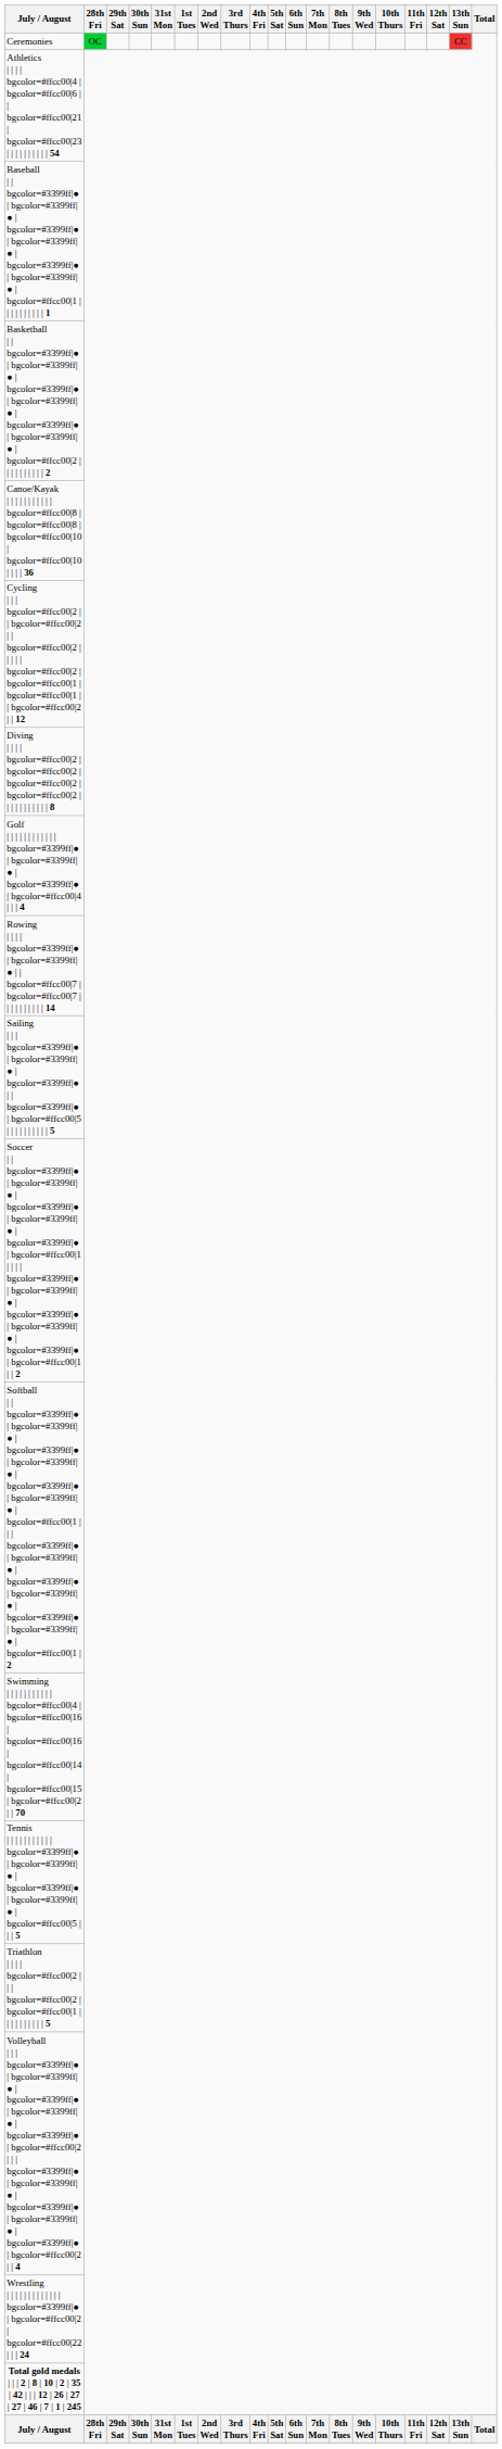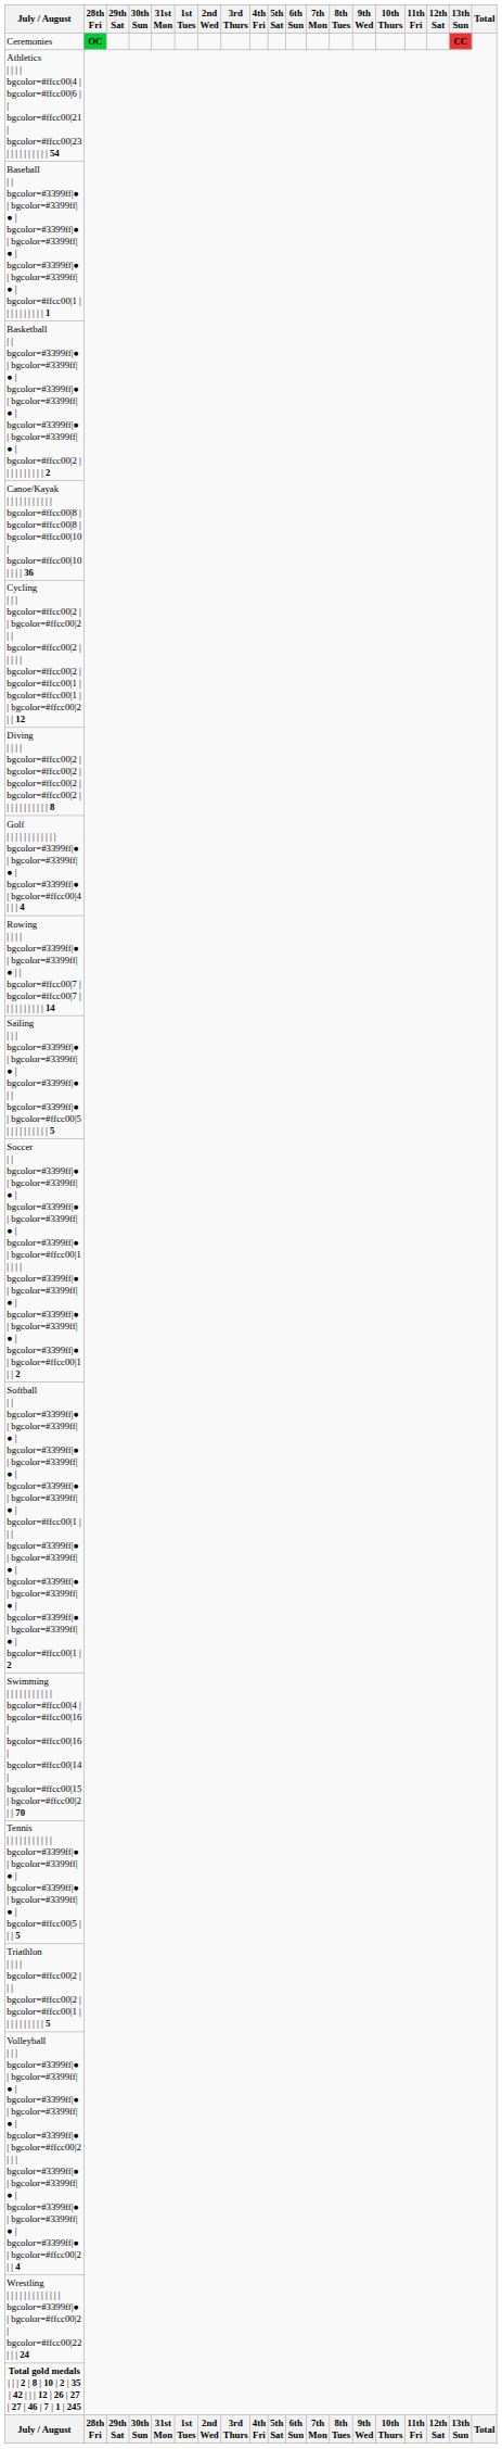 <table class="wikitable"  style="margin:0.5em auto; font-size:90%; line-height:1.25em; width:75%;">
 <tr>
 <th colspan=2>July / August</th>
 <th>28th<br>Fri</th>
 <th>29th<br>Sat</th>
 <th>30th<br>Sun</th>
 <th>31st<br>Mon</th>
 <th>1st<br>Tues</th>
 <th>2nd<br>Wed</th>
 <th>3rd <br> Thurs</th>
 <th>4th<br>Fri</th>
 <th>5th<br>Sat</th>
 <th>6th<br>Sun</th>
 <th>7th<br>Mon</th>
 <th>8th<br>Tues</th>
 <th>9th<br>Wed</th>
 <th>10th<br>Thurs</th>
 <th>11th<br>Fri</th>
 <th>12th<br>Sat</th>
 <th>13th<br>Sun</th>
 <th>Total</th>
 </tr>
 <tr>
 <td colspan=2>Ceremonies</td>
-<td style="background:#0c3; text-align:center;">OC</td>
+<td style="background:#0c3; text-align:center;"><strong>OC</strong></td>
 <td></td>
 <td></td>
 <td></td>
 <td></td>
 <td></td>
 <td></td>
 <td></td>
 <td></td>
 <td></td>
 <td></td>
 <td></td>
 <td></td>
 <td></td>
 <td></td>
 <td></td>
-<td style="background:#e33; text-align:center;">CC</td>
+<td style="background:#e33; text-align:center;"><strong>CC</strong></td>
 </tr>
 <tr style="text-align:center;">
 <td colspan="2" style="text-align:left;"> Athletics<br>|  |  |  | bgcolor=#ffcc00|4  | bgcolor=#ffcc00|6 |  | bgcolor=#ffcc00|21 | bgcolor=#ffcc00|23 |  |  |  | | | | | |       | <strong>54</strong></td>
 </tr>
 <tr style="text-align:center;">
 <td colspan="2" style="text-align:left;"> Baseball<br>|  | bgcolor=#3399ff|● | bgcolor=#3399ff|● | bgcolor=#3399ff|● | bgcolor=#3399ff|● | bgcolor=#3399ff|● | bgcolor=#3399ff|● | bgcolor=#ffcc00|1 |  |  |  | | | | | |       | <strong>1</strong></td>
 </tr>
 <tr style="text-align:center;">
 <td colspan="2" style="text-align:left;"> Basketball<br>|  | bgcolor=#3399ff|● | bgcolor=#3399ff|● | bgcolor=#3399ff|● | bgcolor=#3399ff|● | bgcolor=#3399ff|● | bgcolor=#3399ff|● | bgcolor=#ffcc00|2 |  |  |  | | | | | |       | <strong>2</strong></td>
 </tr>
 <tr style="text-align:center;">
 <td colspan="2" style="text-align:left;"> Canoe/Kayak<br>|  |   |  |  |   |   |  |  |  |  | bgcolor=#ffcc00|8 |  bgcolor=#ffcc00|8 | bgcolor=#ffcc00|10 | bgcolor=#ffcc00|10 | | |       | <strong>36</strong></td>
 </tr>
 <tr style="text-align:center;">
 <td colspan="2" style="text-align:left;"> Cycling<br>|  |   | bgcolor=#ffcc00|2  |  | bgcolor=#ffcc00|2  |  | bgcolor=#ffcc00|2 |  |  |  |   | bgcolor=#ffcc00|2   | bgcolor=#ffcc00|1  | bgcolor=#ffcc00|1 | | bgcolor=#ffcc00|2 |       | <strong>12</strong></td>
 </tr>
 <tr style="text-align:center;">
 <td colspan="2" style="text-align:left;"> Diving<br>|  |   |   | bgcolor=#ffcc00|2  | bgcolor=#ffcc00|2  | bgcolor=#ffcc00|2  | bgcolor=#ffcc00|2   |  |  |  |   |   | | | |  |       | <strong>8</strong></td>
 </tr>
 <tr style="text-align:center;">
 <td colspan="2" style="text-align:left;"> Golf<br>|  |   |   |   |   |   |  |  |  |  |   | bgcolor=#3399ff|●  | bgcolor=#3399ff|● | bgcolor=#3399ff|● | bgcolor=#ffcc00|4   |  |       | <strong>4</strong></td>
 </tr>
 <tr style="text-align:center;">
 <td colspan="2" style="text-align:left;"> Rowing<br>|  |   |   | bgcolor=#3399ff|●  | bgcolor=#3399ff|●  |   | bgcolor=#ffcc00|7   | bgcolor=#ffcc00|7   |  |  |   |   |  |   |    |  |       | <strong>14</strong></td>
 </tr>
 <tr style="text-align:center;">
 <td colspan="2" style="text-align:left;"> Sailing<br>|  |   | bgcolor=#3399ff|●    | bgcolor=#3399ff|●  | bgcolor=#3399ff|●  |   | bgcolor=#3399ff|●    | bgcolor=#ffcc00|5   |  |  |   |   |  |   |    |  |       | <strong>5</strong></td>
 </tr>
 <tr style="text-align:center;">
 <td colspan="2" style="text-align:left;"> Soccer<br>|  | bgcolor=#3399ff|●    | bgcolor=#3399ff|●    | bgcolor=#3399ff|●  | bgcolor=#3399ff|●  | bgcolor=#3399ff|●    | bgcolor=#ffcc00|1    |   |  |  | bgcolor=#3399ff|●    | bgcolor=#3399ff|●    | bgcolor=#3399ff|●   | bgcolor=#3399ff|●    | bgcolor=#3399ff|●     | bgcolor=#ffcc00|1  |       | <strong>2</strong></td>
 </tr>
 <tr style="text-align:center;">
 <td colspan="2" style="text-align:left;"> Softball<br>|  | bgcolor=#3399ff|●    | bgcolor=#3399ff|●    | bgcolor=#3399ff|●  | bgcolor=#3399ff|●  | bgcolor=#3399ff|●    | bgcolor=#3399ff|●    | bgcolor=#ffcc00|1  |  |  | bgcolor=#3399ff|●    | bgcolor=#3399ff|●    | bgcolor=#3399ff|●   | bgcolor=#3399ff|●    | bgcolor=#3399ff|●     | bgcolor=#3399ff|●  | bgcolor=#ffcc00|1       | <strong>2</strong></td>
 </tr>
 <tr style="text-align:center;">
 <td colspan="2" style="text-align:left;"> Swimming<br>|  |     |     |  |   |    |   |  |  |  | bgcolor=#ffcc00|4      | bgcolor=#ffcc00|16      | bgcolor=#ffcc00|16   | bgcolor=#ffcc00|14    | bgcolor=#ffcc00|15     | bgcolor=#ffcc00|2  |         | <strong>70</strong></td>
 </tr>
 <tr style="text-align:center;">
 <td colspan="2" style="text-align:left;"> Tennis<br>|  |     |     |  |   |    |   |  |  |  | bgcolor=#3399ff|●     | bgcolor=#3399ff|●      | bgcolor=#3399ff|●  | bgcolor=#3399ff|●     | bgcolor=#ffcc00|5     |  |         | <strong>5</strong></td>
 </tr>
 <tr style="text-align:center;">
 <td colspan="2" style="text-align:left;"> Triathlon<br>|  |     |     | bgcolor=#ffcc00|2 |   |    | bgcolor=#ffcc00|2   | bgcolor=#ffcc00|1  |  |  |  |     | |    |      |  |         | <strong>5</strong></td>
 </tr>
 <tr style="text-align:center;">
 <td colspan="2" style="text-align:left;"> Volleyball<br>|  |     | bgcolor=#3399ff|●    | bgcolor=#3399ff|●  | bgcolor=#3399ff|●  | bgcolor=#3399ff|●  | bgcolor=#3399ff|● | bgcolor=#ffcc00|2   |  |  | bgcolor=#3399ff|●  | bgcolor=#3399ff|●     | bgcolor=#3399ff|● | bgcolor=#3399ff|●    | bgcolor=#3399ff|●      | bgcolor=#ffcc00|2   |         | <strong>4</strong></td>
 </tr>
 <tr style="text-align:center;">
 <td colspan="2" style="text-align:left;"> Wrestling<br>|  |     |    |  | |  | |  |  |  |   |     | bgcolor=#3399ff|● | bgcolor=#ffcc00|2  | bgcolor=#ffcc00|22    |   |         | <strong>24</strong></td>
 </tr>
 <tr style="text-align:center;">
 <td colspan=2><strong>Total gold medals</strong><br>|  |     | <strong>2  </strong> | <strong>8</strong> | <strong>10</strong> | <strong>2 </strong> | <strong>35</strong> | <strong>42</strong> |  |  | <strong>12 </strong> | <strong>26   </strong> | <strong>27</strong> | <strong>27</strong> | <strong>46 </strong> | <strong>7 </strong> | <strong>1    </strong>    | <strong>245</strong></td>
 </tr>
 <tr>
 <th colspan=2>July / August</th>
 <th>28th<br>Fri</th>
 <th>29th<br>Sat</th>
 <th>30th<br>Sun</th>
 <th>31st<br>Mon</th>
 <th>1st<br>Tues</th>
 <th>2nd<br>Wed</th>
 <th>3rd <br> Thurs</th>
 <th>4th<br>Fri</th>
 <th>5th<br>Sat</th>
 <th>6th<br>Sun</th>
 <th>7th<br>Mon</th>
 <th>8th<br>Tues</th>
 <th>9th<br>Wed</th>
 <th>10th<br>Thurs</th>
 <th>11th<br>Fri</th>
 <th>12th<br>Sat</th>
 <th>13th<br>Sun</th>
 <th>Total</th>
 </tr>
 </table>
